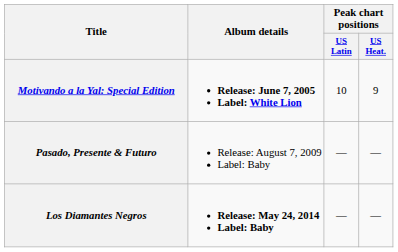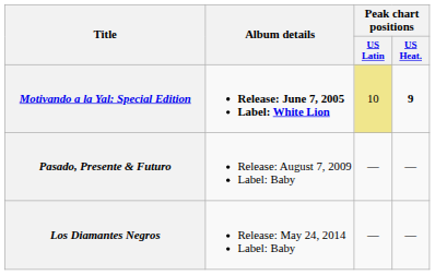 <table class="wikitable plainrowheaders">
 <tr>
 <th rowspan="2" width="267">Title</th>
 <th rowspan="2">Album details</th>
 <th colspan="3">Peak chart positions</th>
 </tr>
 <tr style="font-size:smaller;">
 <th width="45"><a href='#'>US Latin</a><br></th>
 <th width="45"><a href='#'>US<br>Heat.</a><br></th>
 </tr>
 <tr>
 <th scope="row"><em><a href='#'>Motivando a la Yal: Special Edition</a></em></th>
 <td><strong><br><ul><li>Release: June 7, 2005</li><li>Label: <a href='#'>White Lion</a></li></ul></strong></td>
-<td align="center">10</td>
-<td align="center">9</td>
+<td align="center" style="background: khaki;">10</td>
+<td align="center"><strong>9</strong></td>
 </tr>
 <tr>
 <th scope="row"><em>Pasado, Presente & Futuro</em></th>
 <td><br><ul><li>Release: August 7, 2009</li><li>Label: Baby</li></ul></td>
 <td align="center">—</td>
 <td align="center">—</td>
 </tr>
 <tr>
 <th scope="row"><em>Los Diamantes Negros</em></th>
-<td><strong><br><ul><li>Release: May 24, 2014</li><li>Label: Baby</li></ul></strong></td>
+<td><br><ul><li>Release: May 24, 2014</li><li>Label: Baby</li></ul></td>
 <td align="center">—</td>
 <td align="center">—</td>
 </tr>
 </table>
